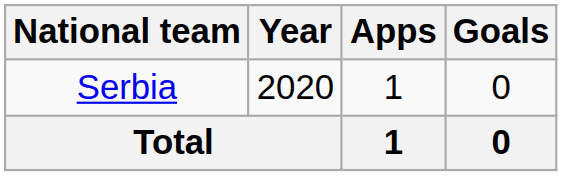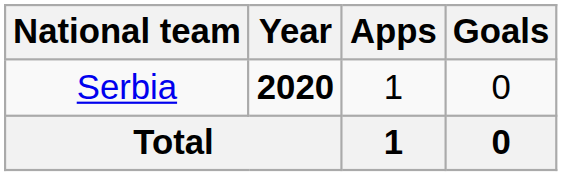 <table class="wikitable" style="text-align:center">
 <tr>
 <th>National team</th>
 <th>Year</th>
 <th>Apps</th>
 <th>Goals</th>
 </tr>
 <tr>
 <td><a href='#'>Serbia</a></td>
-<td>2020</td>
+<td><strong>2020</strong></td>
 <td>1</td>
 <td>0</td>
 </tr>
 <tr>
 <th colspan="2">Total</th>
 <th>1</th>
 <th>0</th>
 </tr>
 </table>
